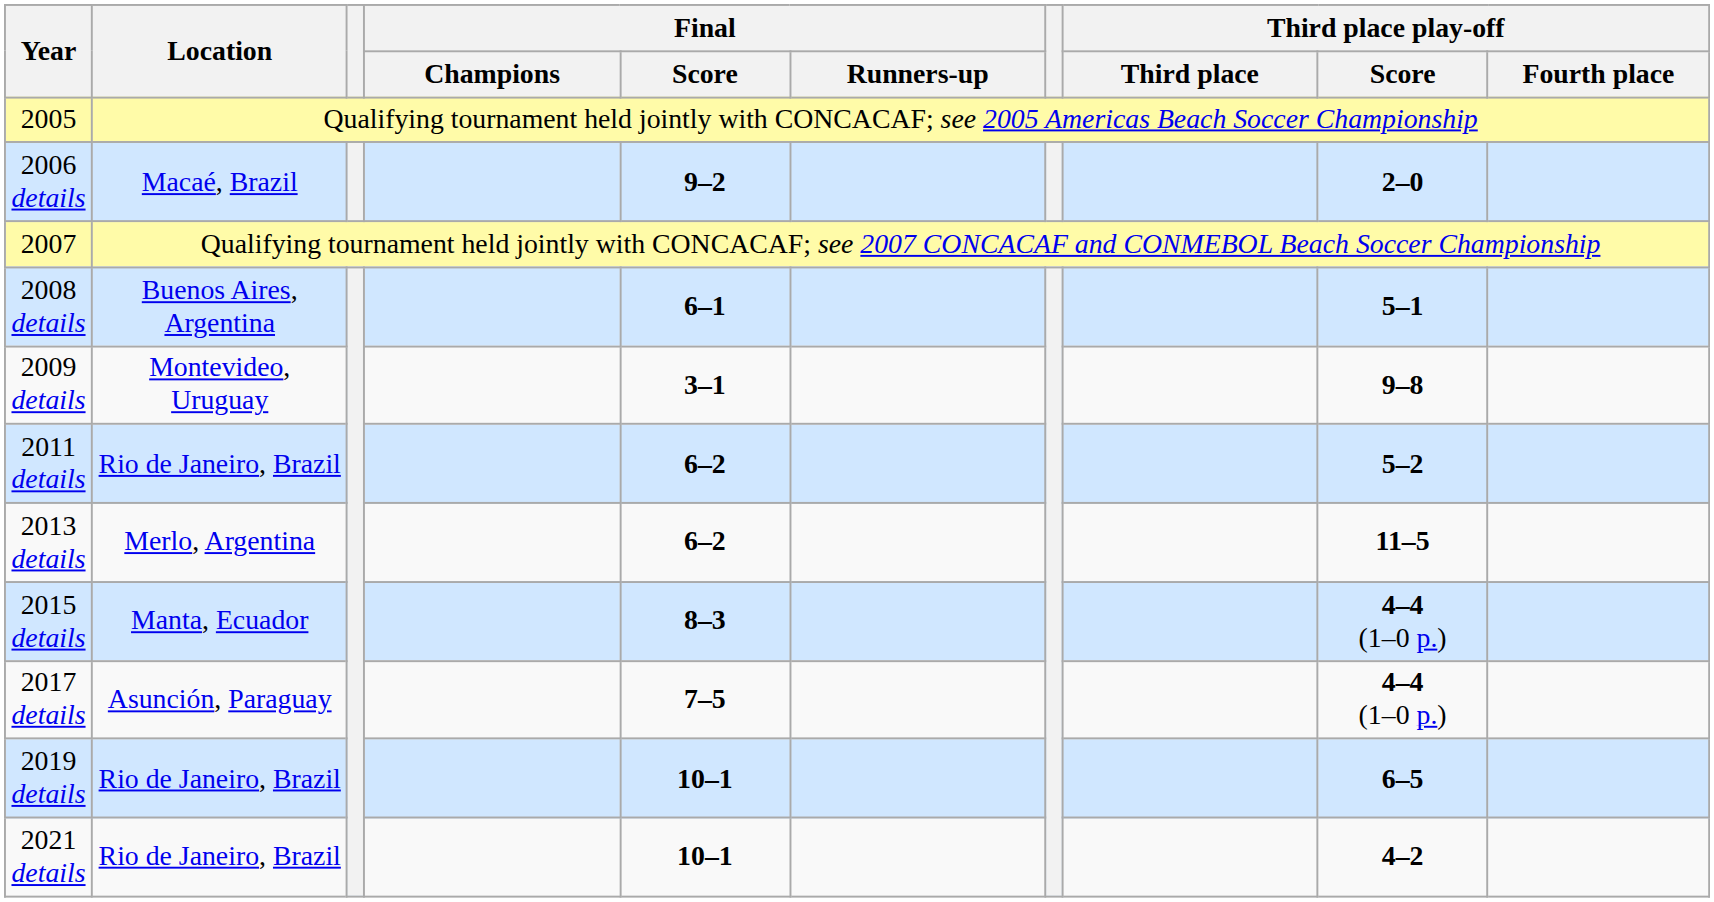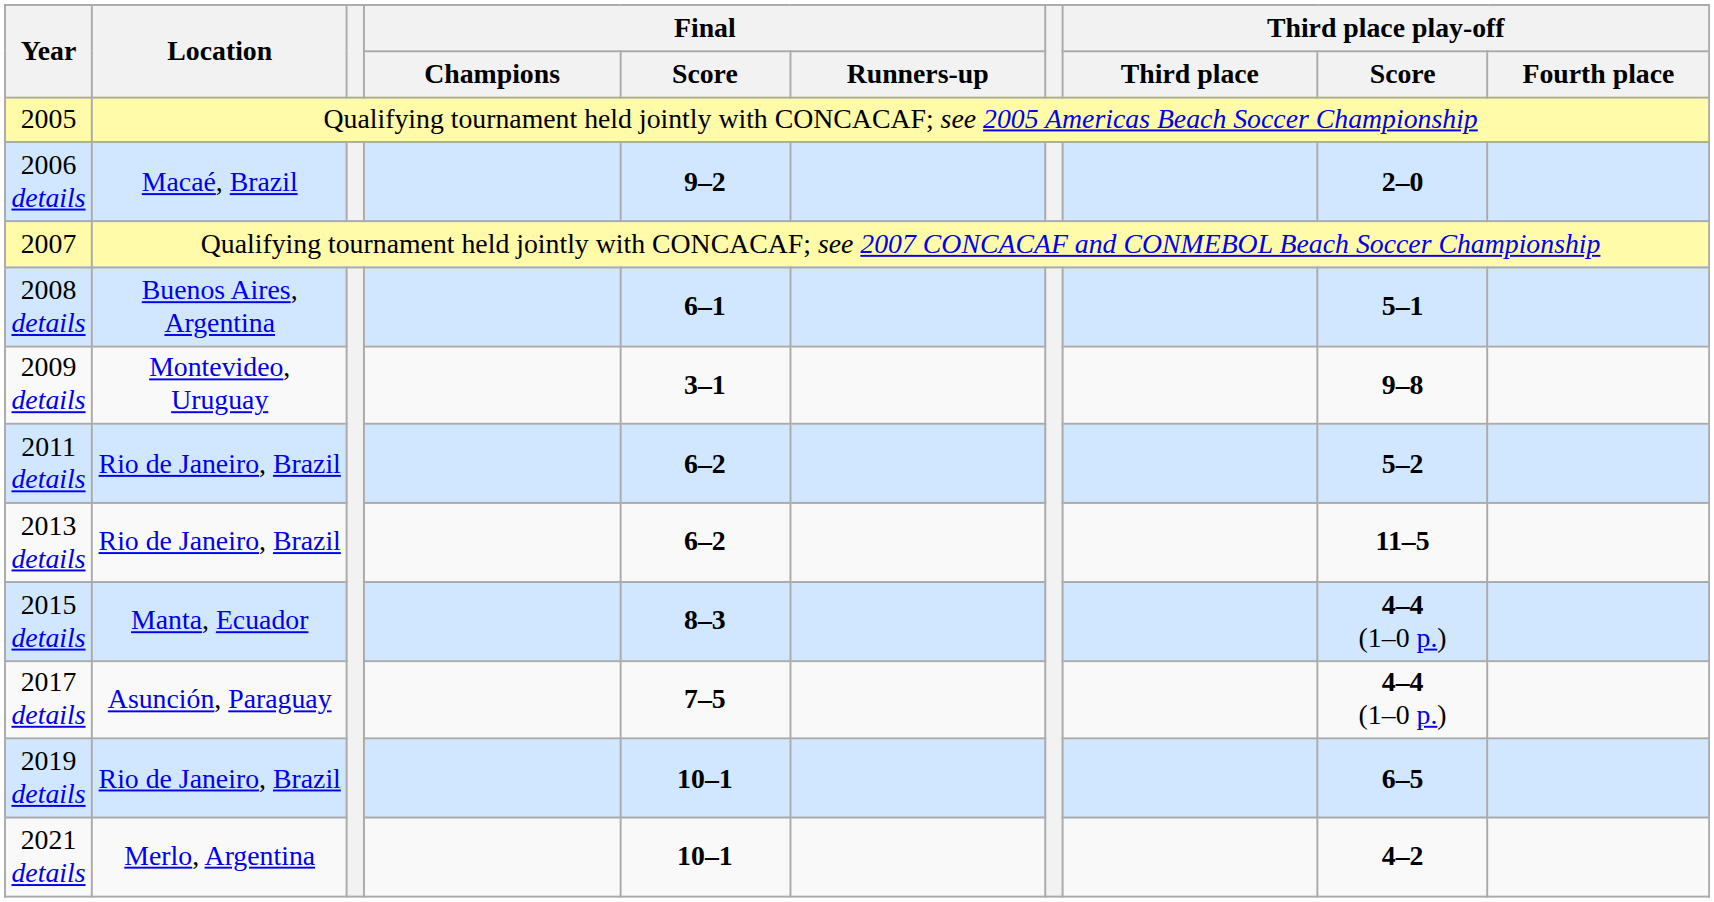 <table class="wikitable" style="font-size: 90%; text-align: center; width: 100%;">
 <tr>
 <th rowspan=2 width="5%">Year</th>
 <th rowspan=2 width="15%">Location</th>
 <th width = 1% rowspan=2></th>
 <th colspan=3>Final</th>
 <th width = 1% rowspan=2></th>
 <th colspan=3>Third place play-off</th>
 </tr>
 <tr>
 <th width="15%">Champions</th>
 <th width="10%">Score</th>
 <th width="15%">Runners-up</th>
 <th width="15%">Third place</th>
 <th width="10%">Score</th>
 <th width="15%">Fourth place</th>
 </tr>
 <tr bgcolor=#fffba8>
 <td>2005</td>
 <td colspan=10>Qualifying tournament held jointly with CONCACAF; <em>see <a href='#'>2005 Americas Beach Soccer Championship</a></em></td>
 </tr>
 <tr bgcolor=#D0E7FF>
 <td>2006<br><em><a href='#'>details</a></em></td>
 <td> <a href='#'>Macaé</a>, <a href='#'>Brazil</a></td>
 <th width = 1% rowspan=1></th>
 <td><strong></strong></td>
 <td><strong>9–2</strong></td>
 <td></td>
 <th width = 1% rowspan=1></th>
 <td></td>
 <td><strong>2–0</strong></td>
 <td></td>
 </tr>
 <tr bgcolor=#fffba8>
 <td>2007</td>
 <td colspan=10>Qualifying tournament held jointly with CONCACAF; <em>see <a href='#'>2007 CONCACAF and CONMEBOL Beach Soccer Championship</a></em></td>
 </tr>
 <tr bgcolor=#D0E7FF>
 <td>2008<br><em><a href='#'>details</a></em></td>
 <td> <a href='#'>Buenos Aires</a>, <a href='#'>Argentina</a></td>
 <th width = 1% rowspan=10></th>
 <td><strong></strong></td>
 <td><strong>6–1</strong></td>
 <td></td>
 <th width = 1% rowspan=10></th>
 <td></td>
 <td><strong>5–1</strong></td>
 <td></td>
 </tr>
 <tr>
 <td>2009<br><em><a href='#'>details</a></em></td>
 <td> <a href='#'>Montevideo</a>, <a href='#'>Uruguay</a></td>
 <td><strong></strong></td>
 <td><strong>3–1</strong></td>
 <td></td>
 <td></td>
 <td><strong>9–8</strong></td>
 <td></td>
 </tr>
 <tr bgcolor=#D0E7FF>
 <td>2011<br><em><a href='#'>details</a></em></td>
 <td> <a href='#'>Rio de Janeiro</a>, <a href='#'>Brazil</a></td>
 <td><strong></strong></td>
 <td><strong>6–2</strong></td>
 <td></td>
 <td></td>
 <td><strong>5–2</strong></td>
 <td></td>
 </tr>
 <tr>
 <td>2013<br><em><a href='#'>details</a></em></td>
-<td> <a href='#'>Merlo</a>, <a href='#'>Argentina</a></td>
+<td> <a href='#'>Rio de Janeiro</a>, <a href='#'>Brazil</a></td>
 <td><strong></strong></td>
 <td><strong>6–2</strong></td>
 <td></td>
 <td></td>
 <td><strong>11–5</strong></td>
 <td></td>
 </tr>
 <tr bgcolor=#D0E7FF>
 <td>2015<br><em><a href='#'>details</a></em></td>
 <td> <a href='#'>Manta</a>, <a href='#'>Ecuador</a></td>
 <td><strong></strong></td>
 <td><strong>8–3</strong></td>
 <td></td>
 <td></td>
 <td><strong>4–4 </strong><br>(1–0 <a href='#'>p.</a>)</td>
 <td></td>
 </tr>
 <tr>
 <td>2017<br><em><a href='#'>details</a></em></td>
 <td> <a href='#'>Asunción</a>, <a href='#'>Paraguay</a></td>
 <td><strong></strong></td>
 <td><strong>7–5</strong></td>
 <td></td>
 <td></td>
 <td><strong>4–4 </strong><br>(1–0 <a href='#'>p.</a>)</td>
 <td></td>
 </tr>
 <tr bgcolor=#D0E7FF>
 <td>2019<br><em><a href='#'>details</a></em></td>
 <td> <a href='#'>Rio de Janeiro</a>, <a href='#'>Brazil</a></td>
 <td><strong></strong></td>
 <td><strong>10–1</strong></td>
 <td></td>
 <td></td>
 <td><strong>6–5</strong></td>
 <td></td>
 </tr>
 <tr>
 <td>2021<br><em><a href='#'>details</a></em></td>
-<td> <a href='#'>Rio de Janeiro</a>, <a href='#'>Brazil</a></td>
+<td> <a href='#'>Merlo</a>, <a href='#'>Argentina</a></td>
 <td><strong></strong></td>
 <td><strong>10–1</strong></td>
 <td></td>
 <td></td>
 <td><strong>4–2</strong></td>
 <td></td>
 </tr>
 </table>
